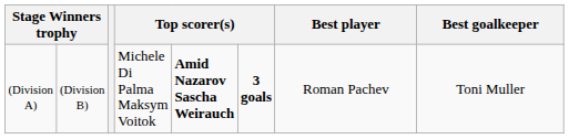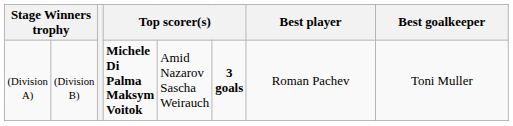 <table class="wikitable" style="text-align: center; font-size: 97%;">
 <tr>
 <th colspan=2 width=200>Stage Winners trophy</th>
 <th rowspan=2></th>
 <th colspan=3 width=200>Top scorer(s)</th>
 <th width=175>Best player</th>
 <th width=175>Best goalkeeper</th>
 </tr>
 <tr align=center style="background:">
 <td style="text-align:center;"><br><small>(Division A)</small></td>
 <td><br><small>(Division B)</small></td>
-<td style="text-align:left;"> Michele Di Palma<br> Maksym Voitok</td>
-<td style="text-align:left;"><strong> Amid Nazarov<br> Sascha Weirauch</strong></td>
+<td style="text-align:left;"><strong> Michele Di Palma<br> Maksym Voitok</strong></td>
+<td style="text-align:left;"> Amid Nazarov<br> Sascha Weirauch</td>
 <td><strong>3 goals</strong></td>
 <td> Roman Pachev</td>
 <td> Toni Muller</td>
 </tr>
 </table>
